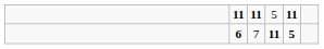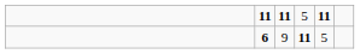 <table class="wikitable">
 <tr>
 <td style="width:18em"></td>
 <td align=center style="width:1em"><strong>11</strong></td>
 <td align=center style="width:1em"><strong>11</strong></td>
 <td align=center style="width:1em">5</td>
 <td align=center style="width:1em"><strong>11</strong></td>
 <td align=center style="width:1em"></td>
 </tr>
 <tr>
 <td style="width:18em"></td>
 <td align=center style="width:1em"><strong>6</strong></td>
-<td align=center style="width:1em">7</td>
+<td align=center style="width:1em">9</td>
 <td align=center style="width:1em"><strong>11</strong></td>
-<td align=center style="width:1em"><strong>5</strong></td>
+<td align=center style="width:1em">5</td>
 <td align=center style="width:1em"></td>
 </tr>
 </table>
